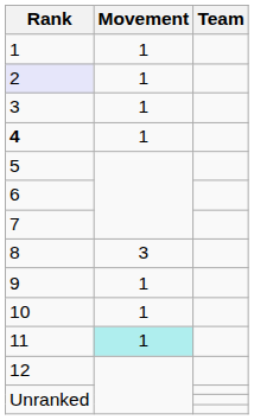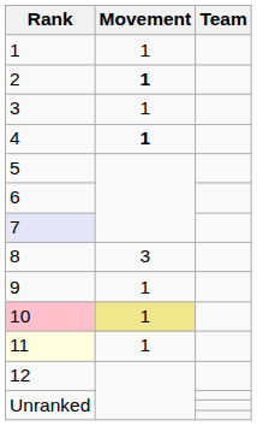 <table class="wikitable">
 <tr>
 <th>Rank</th>
 <th>Movement</th>
 <th>Team</th>
 </tr>
 <tr>
 <td>1</td>
 <td align=center> 1</td>
 <td></td>
 </tr>
 <tr>
-<td style="background: lavender;">2</td>
-<td align=center> 1</td>
+<td>2</td>
+<td align=center><strong> 1</strong></td>
 <td></td>
 </tr>
 <tr>
 <td>3</td>
 <td align=center> 1</td>
 <td></td>
 </tr>
 <tr>
-<td><strong>4</strong></td>
-<td align=center> 1</td>
+<td>4</td>
+<td align=center><strong> 1</strong></td>
 <td></td>
 </tr>
 <tr>
 <td>5</td>
 <td align=center rowspan=3></td>
 <td></td>
 </tr>
 <tr>
 <td>6</td>
 <td></td>
 </tr>
 <tr>
-<td>7</td>
+<td style="background: lavender;">7</td>
 <td></td>
 </tr>
 <tr>
 <td>8</td>
 <td align=center> 3</td>
 <td></td>
 </tr>
 <tr>
 <td>9</td>
 <td align=center> 1</td>
 <td></td>
 </tr>
 <tr>
-<td>10</td>
-<td align=center> 1</td>
+<td style="background: pink;">10</td>
+<td align=center style="background: khaki;"> 1</td>
 <td></td>
 </tr>
 <tr>
-<td>11</td>
-<td align=center style="background: paleturquoise;"> 1</td>
+<td style="background: lightyellow;">11</td>
+<td align=center> 1</td>
 <td></td>
 </tr>
 <tr>
 <td>12</td>
 <td align=center rowspan=4></td>
 <td></td>
 </tr>
 <tr>
 <td align=center rowspan=3>Unranked</td>
 <td></td>
 </tr>
 <tr>
 <td></td>
 </tr>
 <tr>
 <td></td>
 </tr>
 </table>
